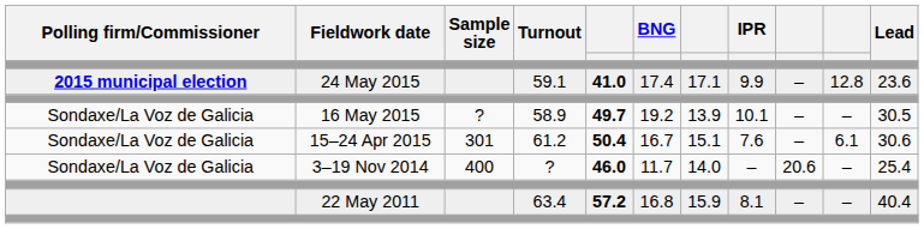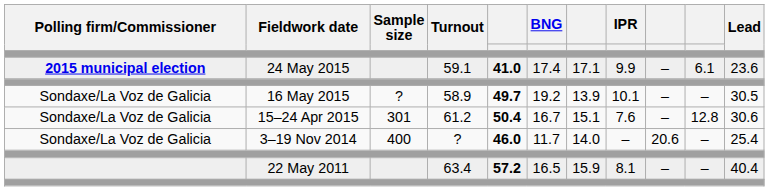 <table class="wikitable collapsible collapsed" style="text-align:center; font-size:95%; line-height:16px;">
 <tr style="height:42px;">
 <th style="width:250px;" rowspan="2">Polling firm/Commissioner</th>
 <th style="width:125px;" rowspan="2">Fieldwork date</th>
 <th style="width:50px;" rowspan="2">Sample size</th>
 <th style="width:45px;" rowspan="2">Turnout</th>
 <th style="width:35px;"></th>
 <th style="width:35px;"><a href='#'>BNG</a></th>
 <th style="width:35px;"></th>
 <th style="width:35px;">IPR</th>
 <th style="width:35px;"></th>
 <th style="width:35px;"></th>
 <th style="width:30px;" rowspan="2">Lead</th>
 </tr>
 <tr>
 <th style="color:inherit;background:"></th>
 <th style="color:inherit;background:"></th>
 <th style="color:inherit;background:"></th>
 <th style="color:inherit;background:"></th>
 <th style="color:inherit;background:"></th>
 <th style="color:inherit;background:"></th>
 </tr>
 <tr>
 <td colspan="11" style="background:#A0A0A0"></td>
 </tr>
 <tr style="background:#EFEFEF;">
 <td><strong><a href='#'>2015 municipal election</a></strong></td>
 <td>24 May 2015</td>
 <td></td>
 <td>59.1</td>
 <td><strong>41.0</strong><br></td>
 <td>17.4<br></td>
 <td>17.1<br></td>
 <td>9.9<br></td>
 <td>–</td>
-<td>12.8<br></td>
+<td>6.1<br></td>
 <td style="background:">23.6</td>
 </tr>
 <tr>
 <td colspan="11" style="background:#A0A0A0"></td>
 </tr>
 <tr>
 <td>Sondaxe/La Voz de Galicia</td>
 <td>16 May 2015</td>
 <td>?</td>
 <td>58.9</td>
 <td><strong>49.7</strong><br></td>
 <td>19.2<br></td>
 <td>13.9<br></td>
 <td>10.1<br></td>
 <td>–</td>
 <td>–</td>
 <td style="background:">30.5</td>
 </tr>
 <tr>
 <td>Sondaxe/La Voz de Galicia</td>
 <td>15–24 Apr 2015</td>
 <td>301</td>
 <td>61.2</td>
 <td><strong>50.4</strong><br></td>
 <td>16.7<br></td>
 <td>15.1<br></td>
 <td>7.6<br></td>
 <td>–</td>
-<td>6.1<br></td>
+<td>12.8<br></td>
 <td style="background:">30.6</td>
 </tr>
 <tr>
 <td>Sondaxe/La Voz de Galicia</td>
 <td>3–19 Nov 2014</td>
 <td>400</td>
 <td>?</td>
 <td><strong>46.0</strong><br></td>
 <td>11.7<br></td>
 <td>14.0<br></td>
 <td>–</td>
 <td>20.6<br></td>
 <td>–</td>
 <td style="background:">25.4</td>
 </tr>
 <tr>
 <td colspan="11" style="background:#A0A0A0"></td>
 </tr>
 <tr style="background:#EFEFEF;">
 <td><strong></strong></td>
 <td>22 May 2011</td>
 <td></td>
 <td>63.4</td>
 <td><strong>57.2</strong><br></td>
-<td>16.8<br></td>
+<td>16.5<br></td>
 <td>15.9<br></td>
 <td>8.1<br></td>
 <td>–</td>
 <td>–</td>
 <td style="background:">40.4</td>
 </tr>
 <tr>
 <td colspan="11" style="background:#A0A0A0"></td>
 </tr>
 </table>
